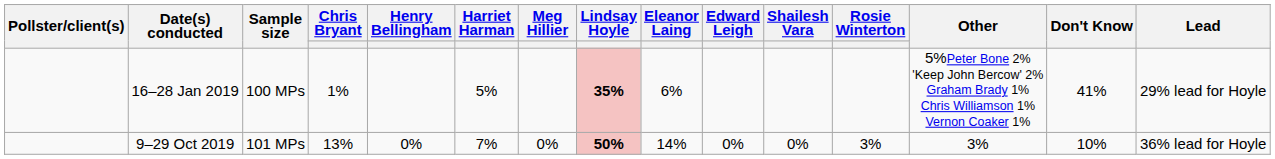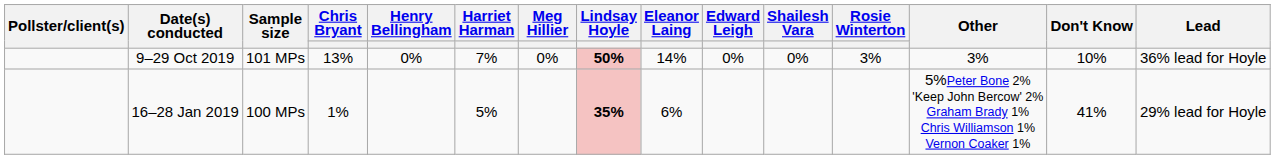 <table class="wikitable sortable" style="text-align:center;font-size:90%;line-height:14px;">
 <tr>
 <th rowspan="2">Pollster/client(s)</th>
 <th rowspan="2">Date(s)<br>conducted</th>
 <th data-sort-type="number" rowspan="2">Sample<br>size</th>
 <th class="unsortable" style="width:50px;"><a href='#'>Chris Bryant</a></th>
 <th class="unsortable" style="width:50px;"><a href='#'>Henry Bellingham</a></th>
 <th class="unsortable" style="width:50px;"><a href='#'>Harriet Harman</a></th>
 <th class="unsortable" style="width:50px;"><a href='#'>Meg Hillier</a></th>
 <th class="unsortable" style="width:50px;"><a href='#'>Lindsay Hoyle</a></th>
 <th class="unsortable" style="width:50px;"><a href='#'>Eleanor Laing</a></th>
 <th class="unsortable" style="width:50px;"><a href='#'>Edward Leigh</a></th>
 <th class="unsortable" style="width:50px;"><a href='#'>Shailesh Vara</a></th>
 <th class="unsortable" style="width:50px;"><a href='#'>Rosie Winterton</a></th>
 <th class="unsortable" rowspan="2">Other</th>
 <th class="unsortable" rowspan="2">Don't Know</th>
 <th data-sort-type="number" rowspan="2">Lead</th>
 </tr>
 <tr>
 <th data-sort-type="number" style="background:"></th>
 <th data-sort-type="number" style="background:"></th>
 <th data-sort-type="number" style="background:"></th>
 <th data-sort-type="number" style="background:"></th>
 <th data-sort-type="number" style="background:"></th>
 <th data-sort-type="number" style="background:"></th>
 <th data-sort-type="number" style="background:"></th>
 <th data-sort-type="number" style="background:"></th>
 <th data-sort-type="number" style="background:"></th>
 </tr>
 <tr>
 <td></td>
+<td data-sort-value="2019-11-2">9–29 Oct 2019</td>
+<td>101 MPs</td>
+<td>13%</td>
+<td>0%</td>
+<td>7%</td>
+<td>0%</td>
+<td style="background:#F5C3C2;"><strong>50%</strong></td>
+<td>14%</td>
+<td>0%</td>
+<td>0%</td>
+<td>3%</td>
+<td>3%</td>
+<td>10%</td>
+<td style="background:">36% lead for Hoyle</td>
+</tr>
+<tr>
+<td></td>
 <td data-sort-value="2019-11-2">16–28 Jan 2019</td>
 <td>100 MPs</td>
 <td>1%</td>
 <td></td>
 <td>5%</td>
 <td></td>
 <td style="background:#F5C3C2;"><strong>35%</strong></td>
 <td>6%</td>
 <td></td>
 <td></td>
 <td></td>
 <td>5%<small><a href='#'>Peter Bone</a> 2%<br>'Keep John Bercow' 2%<br><a href='#'>Graham Brady</a> 1%<br><a href='#'>Chris Williamson</a> 1% <br><a href='#'>Vernon Coaker</a> 1% </small></td>
 <td>41%</td>
 <td style="background:">29% lead for Hoyle</td>
 </tr>
-<tr>
-<td></td>
-<td data-sort-value="2019-11-2">9–29 Oct 2019</td>
-<td>101 MPs</td>
-<td>13%</td>
-<td>0%</td>
-<td>7%</td>
-<td>0%</td>
-<td style="background:#F5C3C2;"><strong>50%</strong></td>
-<td>14%</td>
-<td>0%</td>
-<td>0%</td>
-<td>3%</td>
-<td>3%</td>
-<td>10%</td>
-<td style="background:">36% lead for Hoyle</td>
-</tr>
 </table>
